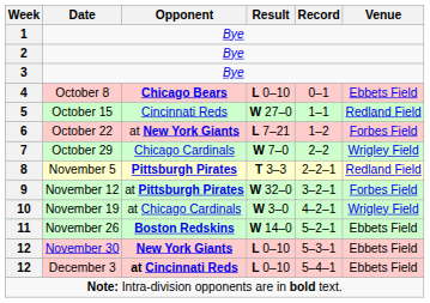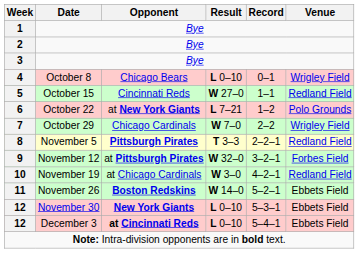 <table class="wikitable" style="text-align:center">
 <tr>
 <th>Week</th>
 <th>Date</th>
 <th>Opponent</th>
 <th>Result</th>
 <th>Record</th>
 <th>Venue</th>
 </tr>
 <tr>
 <th>1</th>
 <td colspan="6"><em><a href='#'>Bye</a></em></td>
 </tr>
 <tr>
 <th>2</th>
 <td colspan="6"><em><a href='#'>Bye</a></em></td>
 </tr>
 <tr>
 <th>3</th>
 <td colspan="6"><em><a href='#'>Bye</a></em></td>
 </tr>
 <tr style="background:#fcc">
 <th>4</th>
 <td>October 8</td>
-<td><strong><a href='#'>Chicago Bears</a></strong></td>
+<td><a href='#'>Chicago Bears</a></td>
 <td><strong>L</strong> 0–10</td>
 <td>0–1</td>
-<td><a href='#'>Ebbets Field</a></td>
+<td><a href='#'>Wrigley Field</a></td>
 </tr>
 <tr style="background:#cfc">
 <th>5</th>
 <td>October 15</td>
 <td><a href='#'>Cincinnati Reds</a></td>
 <td><strong>W</strong> 27–0</td>
 <td>1–1</td>
 <td><a href='#'>Redland Field</a></td>
 </tr>
 <tr style="background:#fcc">
 <th>6</th>
 <td>October 22</td>
 <td>at <strong><a href='#'>New York Giants</a></strong></td>
 <td><strong>L</strong> 7–21</td>
 <td>1–2</td>
-<td><a href='#'>Forbes Field</a></td>
+<td><a href='#'>Polo Grounds</a></td>
 </tr>
 <tr style="background:#cfc">
 <th>7</th>
 <td>October 29</td>
 <td><a href='#'>Chicago Cardinals</a></td>
 <td><strong>W</strong> 7–0</td>
 <td>2–2</td>
 <td><a href='#'>Wrigley Field</a></td>
 </tr>
 <tr style="background:#ffc">
 <th>8</th>
 <td>November 5</td>
 <td><strong><a href='#'>Pittsburgh Pirates</a></strong></td>
 <td><strong>T</strong> 3–3</td>
 <td>2–2–1</td>
 <td><a href='#'>Redland Field</a></td>
 </tr>
 <tr style="background:#cfc">
 <th>9</th>
 <td>November 12</td>
 <td>at <strong><a href='#'>Pittsburgh Pirates</a></strong></td>
 <td><strong>W</strong> 32–0</td>
 <td>3–2–1</td>
 <td><a href='#'>Forbes Field</a></td>
 </tr>
 <tr style="background:#cfc">
 <th>10</th>
 <td>November 19</td>
 <td>at <a href='#'>Chicago Cardinals</a></td>
 <td><strong>W</strong> 3–0</td>
 <td>4–2–1</td>
-<td><a href='#'>Wrigley Field</a></td>
+<td><a href='#'>Redland Field</a></td>
 </tr>
 <tr style="background:#cfc">
 <th>11</th>
 <td>November 26</td>
 <td><strong><a href='#'>Boston Redskins</a></strong></td>
 <td><strong>W</strong> 14–0</td>
 <td>5–2–1</td>
 <td>Ebbets Field</td>
 </tr>
 <tr style="background:#fcc">
 <th>12</th>
 <td><a href='#'>November 30</a></td>
 <td><strong><a href='#'>New York Giants</a></strong></td>
 <td><strong>L</strong> 0–10</td>
 <td>5–3–1</td>
 <td>Ebbets Field</td>
 </tr>
 <tr style="background:#fcc">
 <th>12</th>
 <td>December 3</td>
 <td><strong>at <a href='#'>Cincinnati Reds</a></strong></td>
 <td><strong>L</strong> 0–10</td>
 <td>5–4–1</td>
 <td>Ebbets Field</td>
 </tr>
 <tr>
 <td colspan="8"><strong>Note:</strong> Intra-division opponents are in <strong>bold</strong> text.</td>
 </tr>
 </table>
